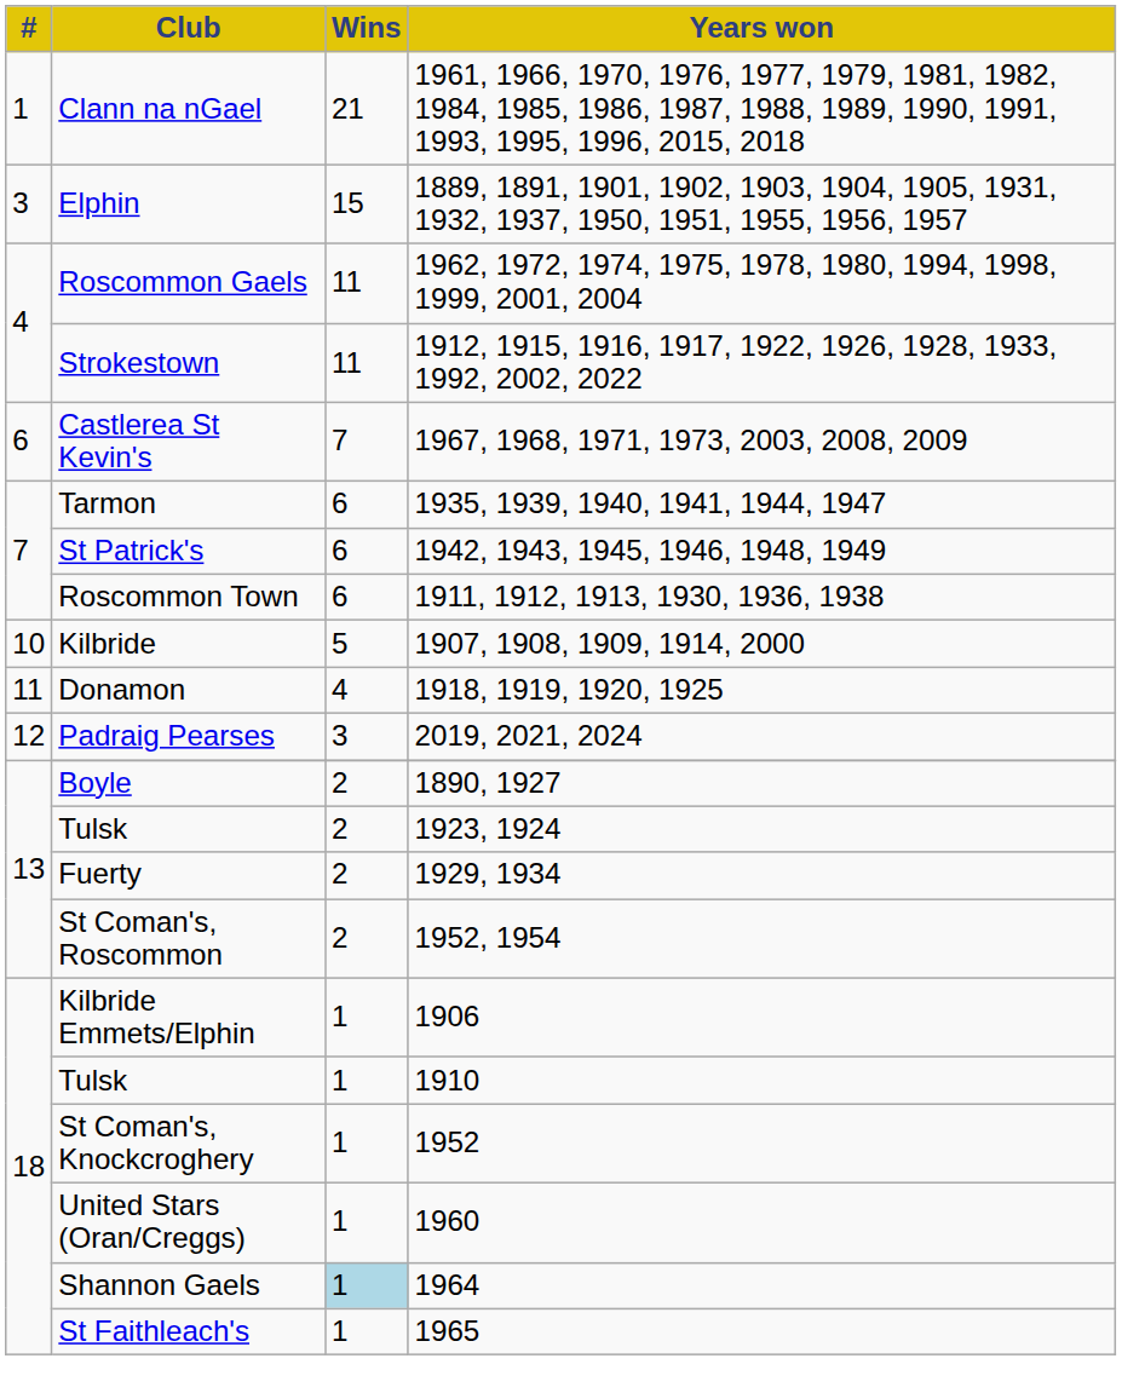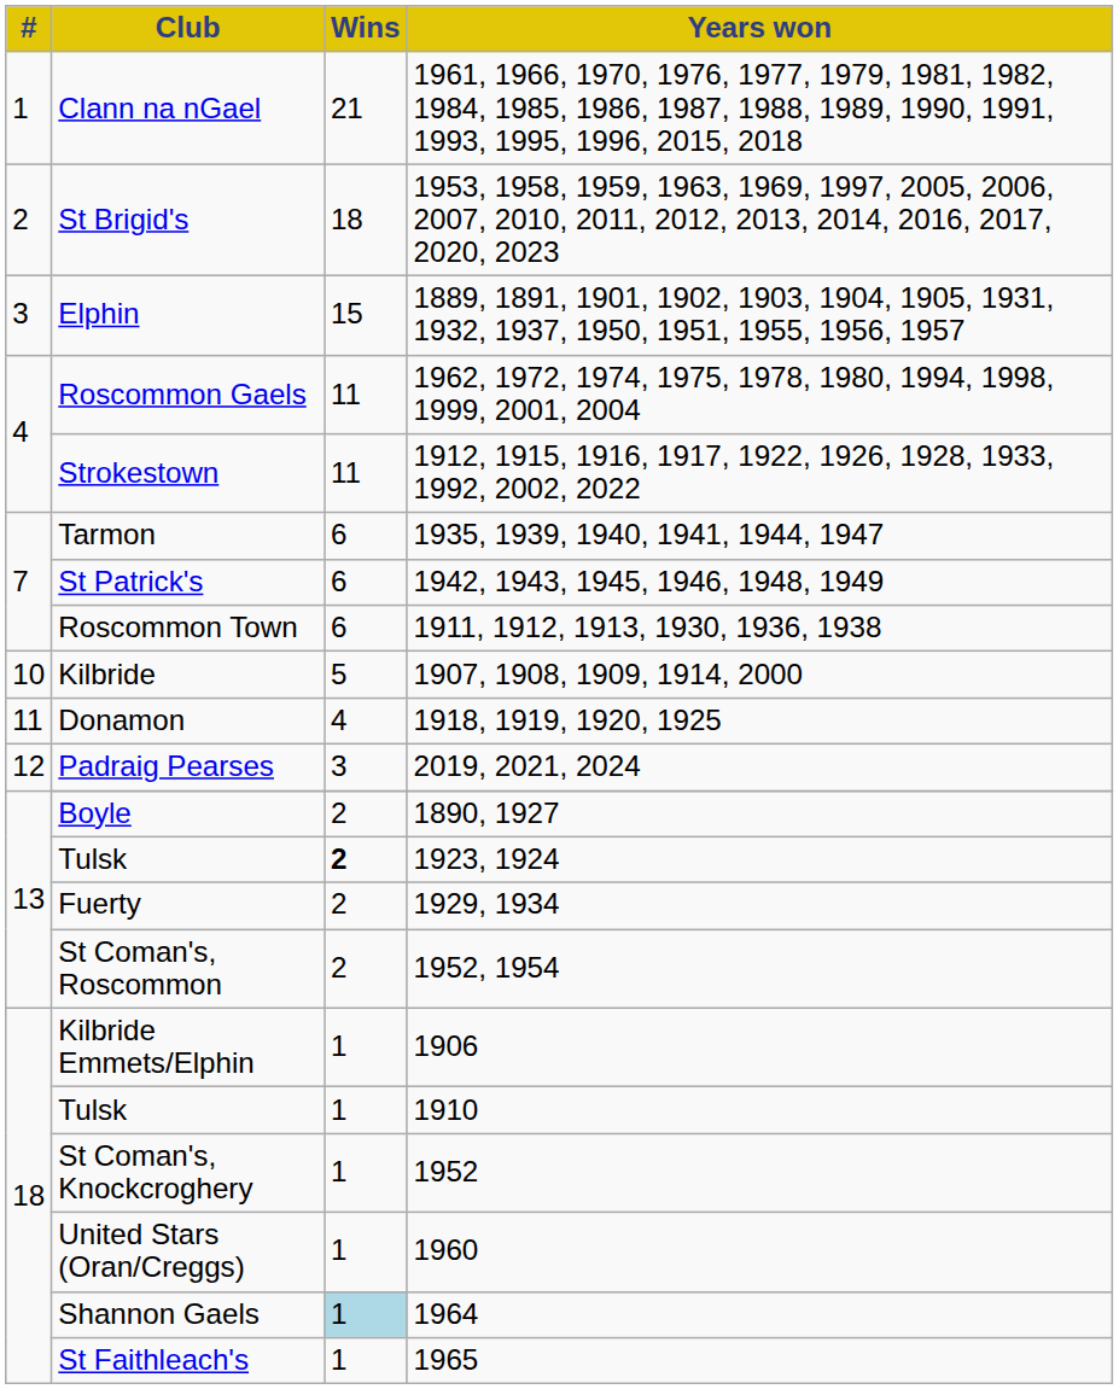 <table class="wikitable">
 <tr>
 <th style="background:#E2C608;color:#2D3E82;">#</th>
 <th style="background:#E2C608;color:#2D3E82;">Club</th>
 <th style="background:#E2C608;color:#2D3E82;">Wins</th>
 <th style="background:#E2C608;color:#2D3E82;">Years won</th>
 </tr>
 <tr>
 <td>1</td>
 <td><a href='#'>Clann na nGael</a></td>
 <td>21</td>
 <td>1961, 1966, 1970, 1976, 1977, 1979, 1981, 1982, 1984, 1985, 1986, 1987, 1988, 1989, 1990, 1991, 1993, 1995, 1996, 2015, 2018</td>
+</tr>
+<tr>
+<td>2</td>
+<td><a href='#'>St Brigid's</a></td>
+<td>18</td>
+<td>1953, 1958, 1959, 1963, 1969, 1997, 2005, 2006, 2007, 2010, 2011, 2012, 2013, 2014, 2016, 2017, 2020, 2023</td>
 </tr>
 <tr>
 <td>3</td>
 <td><a href='#'>Elphin</a></td>
 <td>15</td>
 <td>1889, 1891, 1901, 1902, 1903, 1904, 1905, 1931, 1932, 1937, 1950, 1951, 1955, 1956, 1957</td>
 </tr>
 <tr>
 <td rowspan=2>4</td>
 <td><a href='#'>Roscommon Gaels</a></td>
 <td>11</td>
 <td>1962, 1972, 1974, 1975, 1978, 1980, 1994, 1998, 1999, 2001, 2004</td>
 </tr>
 <tr>
 <td><a href='#'>Strokestown</a></td>
 <td>11</td>
 <td>1912, 1915, 1916, 1917, 1922, 1926, 1928, 1933, 1992, 2002, 2022</td>
-</tr>
-<tr>
-<td>6</td>
-<td><a href='#'>Castlerea St Kevin's</a></td>
-<td>7</td>
-<td>1967, 1968, 1971, 1973, 2003, 2008, 2009</td>
 </tr>
 <tr>
 <td rowspan=3>7</td>
 <td>Tarmon</td>
 <td>6</td>
 <td>1935, 1939, 1940, 1941, 1944, 1947</td>
 </tr>
 <tr>
 <td><a href='#'>St Patrick's</a></td>
 <td>6</td>
 <td>1942, 1943, 1945, 1946, 1948, 1949</td>
 </tr>
 <tr>
 <td>Roscommon Town</td>
 <td>6</td>
 <td>1911, 1912, 1913, 1930, 1936, 1938</td>
 </tr>
 <tr>
 <td>10</td>
 <td>Kilbride</td>
 <td>5</td>
 <td>1907, 1908, 1909, 1914, 2000</td>
 </tr>
 <tr>
 <td>11</td>
 <td>Donamon</td>
 <td>4</td>
 <td>1918, 1919, 1920, 1925</td>
 </tr>
 <tr>
 <td>12</td>
 <td><a href='#'>Padraig Pearses</a></td>
 <td>3</td>
 <td>2019, 2021, 2024</td>
 </tr>
 <tr>
 <td rowspan= 5>13</td>
 </tr>
 <tr>
 <td><a href='#'>Boyle</a></td>
 <td>2</td>
 <td>1890, 1927</td>
 </tr>
 <tr>
 <td>Tulsk</td>
-<td>2</td>
+<td><strong>2</strong></td>
 <td>1923, 1924</td>
 </tr>
 <tr>
 <td>Fuerty</td>
 <td>2</td>
 <td>1929, 1934</td>
 </tr>
 <tr>
 <td>St Coman's, Roscommon</td>
 <td>2</td>
 <td>1952, 1954</td>
 </tr>
 <tr>
 <td rowspan=8>18</td>
 <td>Kilbride Emmets/Elphin</td>
 <td>1</td>
 <td>1906</td>
 </tr>
 <tr>
 <td>Tulsk</td>
 <td>1</td>
 <td>1910</td>
 </tr>
 <tr>
 <td>St Coman's, Knockcroghery</td>
 <td>1</td>
 <td>1952</td>
 </tr>
 <tr>
 <td>United Stars (Oran/Creggs)</td>
 <td>1</td>
 <td>1960</td>
 </tr>
 <tr>
 <td>Shannon Gaels</td>
 <td style="background: lightblue;">1</td>
 <td>1964</td>
 </tr>
 <tr>
 <td><a href='#'>St Faithleach's</a></td>
 <td>1</td>
 <td>1965</td>
 </tr>
 </table>
